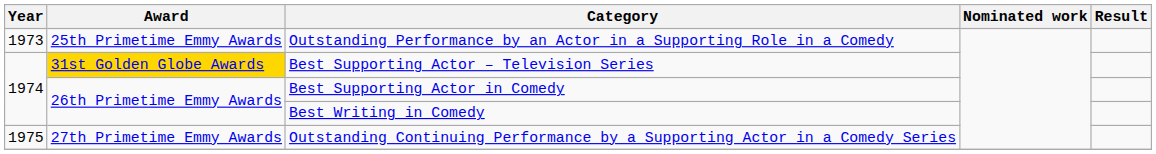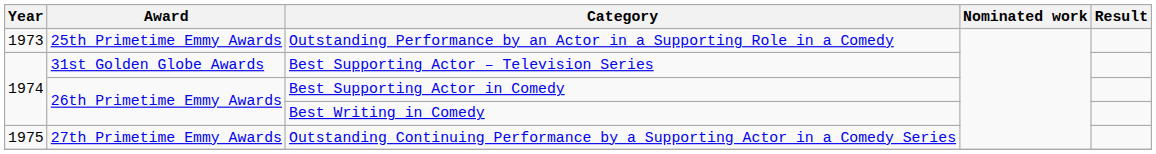 <table class="wikitable sortable">
 <tr>
 <th>Year</th>
 <th>Award</th>
 <th>Category</th>
 <th>Nominated work</th>
 <th>Result</th>
 </tr>
 <tr>
 <td>1973</td>
 <td><a href='#'>25th Primetime Emmy Awards</a></td>
 <td><a href='#'>Outstanding Performance by an Actor in a Supporting Role in a Comedy</a></td>
 <td rowspan="5"></td>
 <td></td>
 </tr>
 <tr>
 <td rowspan="3">1974</td>
-<td style="background: gold;"><a href='#'>31st Golden Globe Awards</a></td>
+<td><a href='#'>31st Golden Globe Awards</a></td>
 <td><a href='#'>Best Supporting Actor – Television Series</a></td>
 <td></td>
 </tr>
 <tr>
 <td rowspan="2"><a href='#'>26th Primetime Emmy Awards</a></td>
 <td><a href='#'>Best Supporting Actor in Comedy</a></td>
 <td></td>
 </tr>
 <tr>
 <td><a href='#'>Best Writing in Comedy</a></td>
 <td></td>
 </tr>
 <tr>
 <td>1975</td>
 <td><a href='#'>27th Primetime Emmy Awards</a></td>
 <td><a href='#'>Outstanding Continuing Performance by a Supporting Actor in a Comedy Series</a></td>
 <td></td>
 </tr>
 <tr>
 </tr>
 </table>
